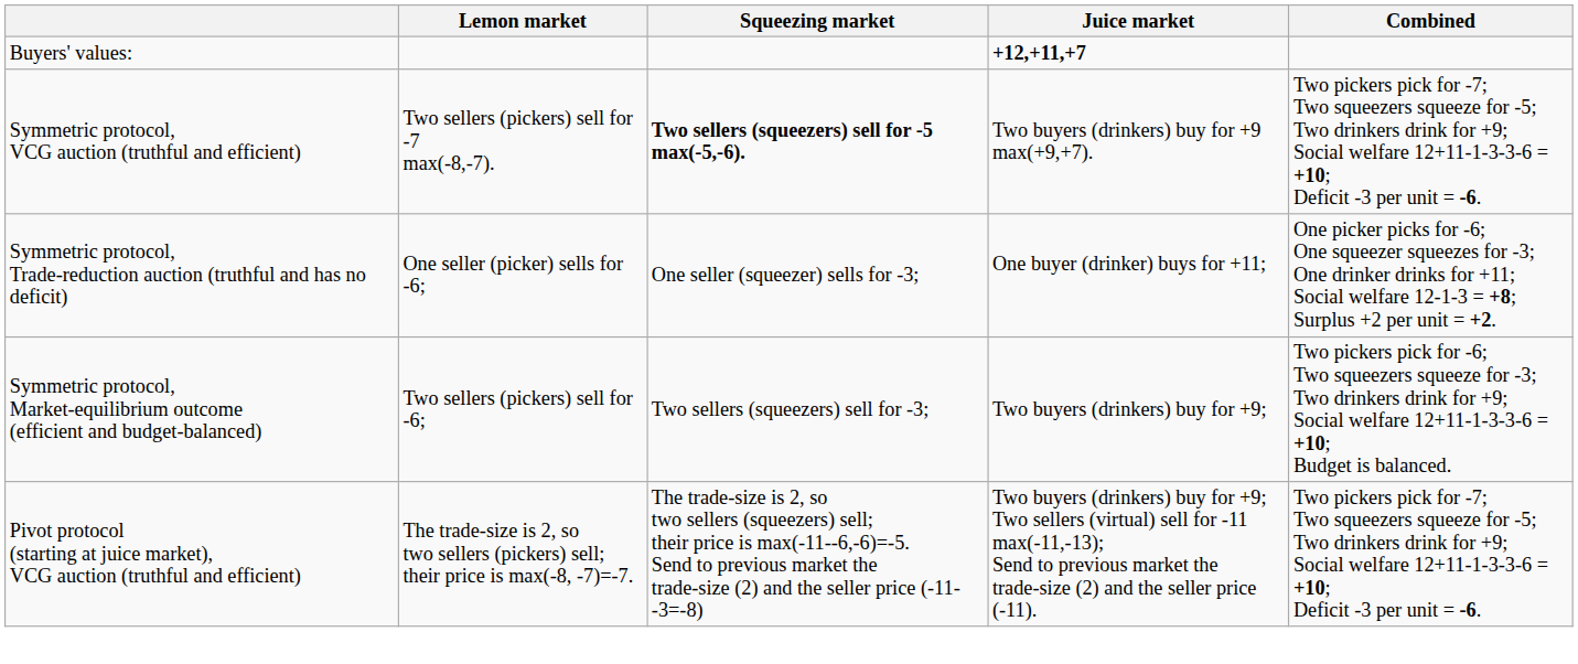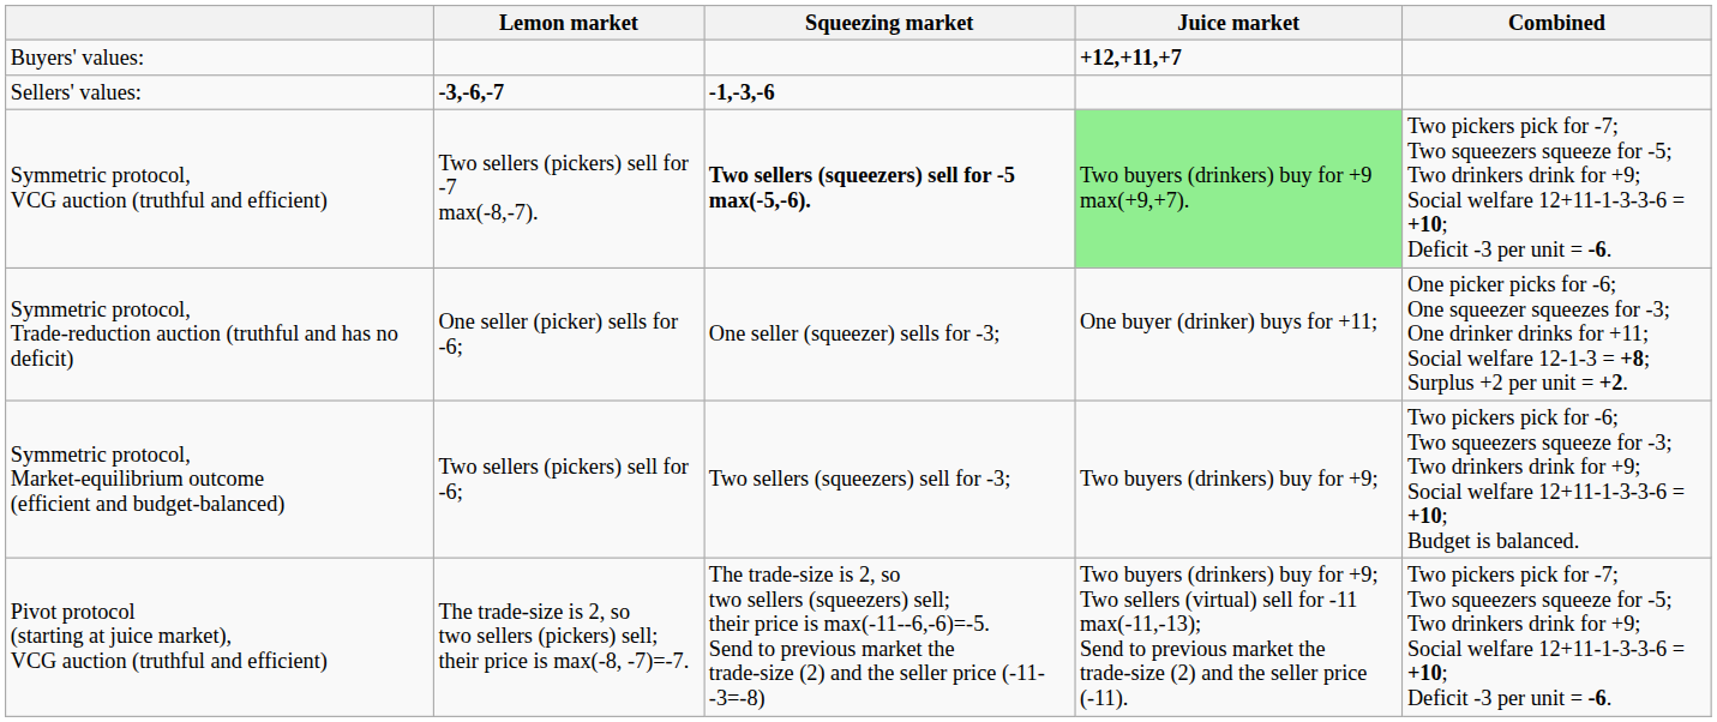 <table class="wikitable">
 <tr>
 <th></th>
 <th>Lemon market</th>
 <th>Squeezing market</th>
 <th>Juice market</th>
 <th>Combined</th>
 </tr>
 <tr>
 <td>Buyers' values:</td>
 <td></td>
 <td></td>
 <td><strong>+12,+11,+7</strong></td>
 <td></td>
 </tr>
 <tr>
+<td>Sellers' values:</td>
+<td><strong>-3,-6,-7</strong></td>
+<td><strong>-1,-3,-6</strong></td>
+<td></td>
+<td></td>
+</tr>
+<tr>
 <td>Symmetric protocol,<br>VCG auction (truthful and efficient)</td>
 <td>Two sellers (pickers) sell for -7<br> max(-8,-7).</td>
 <td><strong>Two sellers (squeezers) sell for -5<br> max(-5,-6).</strong></td>
-<td>Two buyers (drinkers) buy for +9<br> max(+9,+7).</td>
+<td style="background: lightgreen;">Two buyers (drinkers) buy for +9<br> max(+9,+7).</td>
 <td>Two pickers pick for -7;<br>Two squeezers squeeze for -5;<br>Two drinkers drink for +9;<br>Social welfare 12+11-1-3-3-6 = <strong>+10</strong>;<br>Deficit -3 per unit = <strong>-6</strong>.</td>
 </tr>
 <tr>
 <td>Symmetric protocol,<br>Trade-reduction auction (truthful and has no deficit)</td>
 <td>One seller (picker) sells for -6;</td>
 <td>One seller (squeezer) sells for -3;</td>
 <td>One buyer (drinker) buys for +11;<br><br></td>
 <td>One picker picks for -6;<br>One squeezer squeezes for -3;<br>One drinker drinks for +11;<br>Social welfare 12-1-3 = <strong>+8</strong>;<br>Surplus +2 per unit = <strong>+2</strong>.</td>
 </tr>
 <tr>
 <td>Symmetric protocol,<br>Market-equilibrium outcome<br>(efficient and budget-balanced)</td>
 <td>Two sellers (pickers) sell for -6;<br></td>
 <td>Two sellers (squeezers) sell for -3;<br></td>
 <td>Two buyers (drinkers) buy for +9;<br></td>
 <td>Two pickers pick for -6;<br>Two squeezers squeeze for -3;<br>Two drinkers drink for +9;<br>Social welfare 12+11-1-3-3-6 = <strong>+10</strong>;<br>Budget is balanced.</td>
 </tr>
 <tr>
 <td>Pivot protocol<br>(starting at juice market),<br>VCG auction (truthful and efficient)</td>
 <td>The trade-size is 2, so<br>two sellers (pickers) sell;<br>their price is max(-8, -7)=-7. <br></td>
 <td>The trade-size is 2, so<br>two sellers (squeezers) sell;<br>their price is max(-11--6,-6)=-5.<br>Send to previous market the<br>trade-size (2) and the seller price (-11--3=-8)</td>
 <td>Two buyers (drinkers) buy for +9;<br>Two sellers (virtual) sell for -11<br> max(-11,-13);<br>Send to previous market the<br>trade-size (2) and the seller price (-11).</td>
 <td>Two pickers pick for -7;<br>Two squeezers squeeze for -5;<br>Two drinkers drink for +9;<br>Social welfare 12+11-1-3-3-6 = <strong>+10</strong>;<br>Deficit -3 per unit = <strong>-6</strong>.</td>
 </tr>
 </table>
